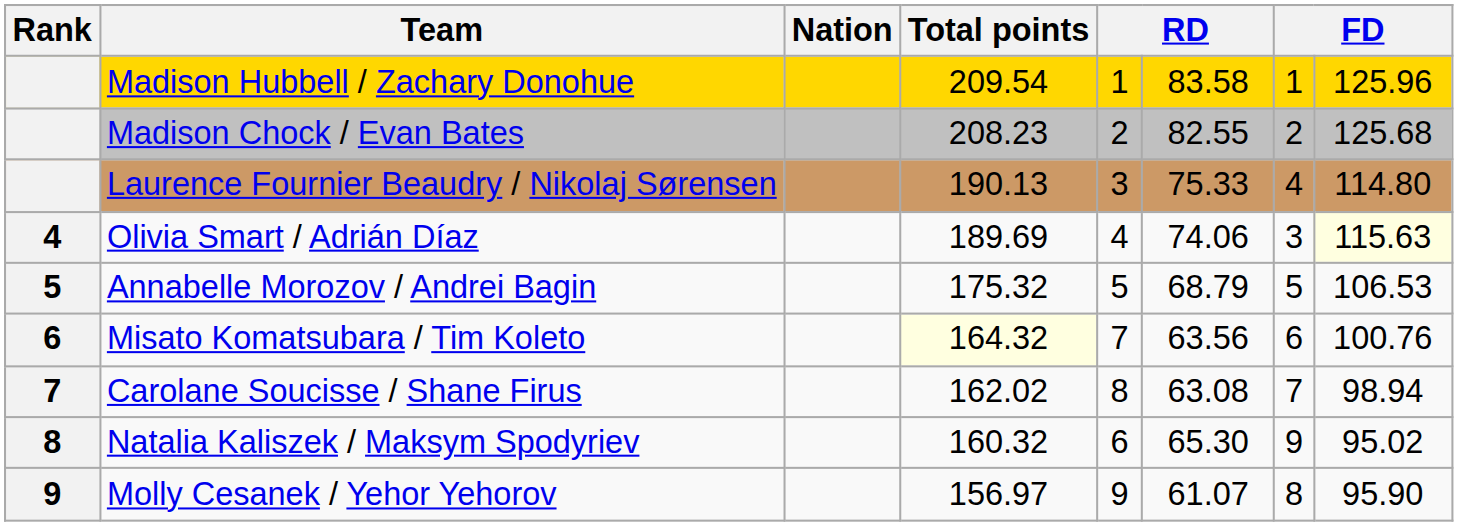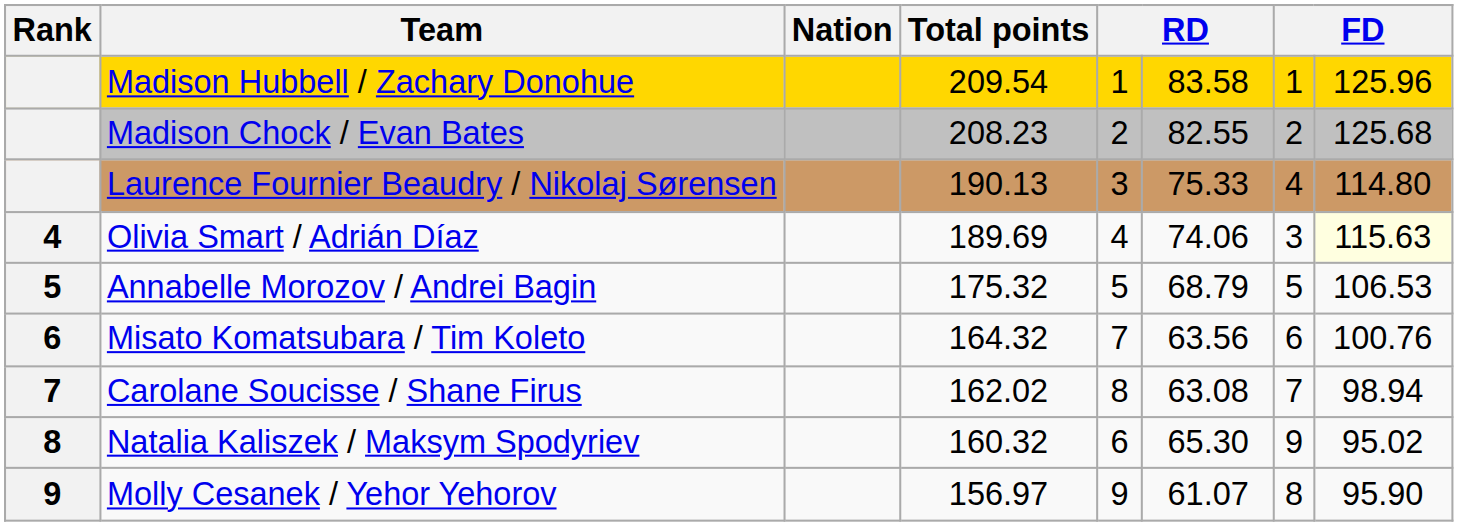 <table class="wikitable sortable" style="text-align:left;">
 <tr>
 <th scope="col">Rank</th>
 <th scope="col">Team</th>
 <th scope="col">Nation</th>
 <th scope="col">Total points</th>
 <th scope="col" colspan="2" width="80px"><a href='#'>RD</a></th>
 <th scope="col" colspan="2" width="80px"><a href='#'>FD</a></th>
 </tr>
 <tr bgcolor="gold">
 <th scope="row"></th>
 <td><a href='#'>Madison Hubbell</a> / <a href='#'>Zachary Donohue</a></td>
 <td></td>
 <td align="center">209.54</td>
 <td align="center">1</td>
 <td align="center">83.58</td>
 <td align="center">1</td>
 <td align="center">125.96</td>
 </tr>
 <tr bgcolor="silver">
 <th scope="row"></th>
 <td><a href='#'>Madison Chock</a> / <a href='#'>Evan Bates</a></td>
 <td></td>
 <td align="center">208.23</td>
 <td align="center">2</td>
 <td align="center">82.55</td>
 <td align="center">2</td>
 <td align="center">125.68</td>
 </tr>
 <tr bgcolor="cc9966">
 <th scope="row"></th>
 <td><a href='#'>Laurence Fournier Beaudry</a> / <a href='#'>Nikolaj Sørensen</a></td>
 <td></td>
 <td align="center">190.13</td>
 <td align="center">3</td>
 <td align="center">75.33</td>
 <td align="center">4</td>
 <td align="center">114.80</td>
 </tr>
 <tr>
 <th scope="row">4</th>
 <td><a href='#'>Olivia Smart</a> / <a href='#'>Adrián Díaz</a></td>
 <td></td>
 <td align="center">189.69</td>
 <td align="center">4</td>
 <td align="center">74.06</td>
 <td align="center">3</td>
 <td align="center" style="background: lightyellow;">115.63</td>
 </tr>
 <tr>
 <th scope="row">5</th>
 <td><a href='#'>Annabelle Morozov</a> / <a href='#'>Andrei Bagin</a></td>
 <td></td>
 <td align="center">175.32</td>
 <td align="center">5</td>
 <td align="center">68.79</td>
 <td align="center">5</td>
 <td align="center">106.53</td>
 </tr>
 <tr>
 <th scope="row">6</th>
 <td><a href='#'>Misato Komatsubara</a> / <a href='#'>Tim Koleto</a></td>
 <td></td>
-<td align="center" style="background: lightyellow;">164.32</td>
+<td align="center">164.32</td>
 <td align="center">7</td>
 <td align="center">63.56</td>
 <td align="center">6</td>
 <td align="center">100.76</td>
 </tr>
 <tr>
 <th scope="row">7</th>
 <td><a href='#'>Carolane Soucisse</a> / <a href='#'>Shane Firus</a></td>
 <td></td>
 <td align="center">162.02</td>
 <td align="center">8</td>
 <td align="center">63.08</td>
 <td align="center">7</td>
 <td align="center">98.94</td>
 </tr>
 <tr>
 <th scope="row">8</th>
 <td><a href='#'>Natalia Kaliszek</a> / <a href='#'>Maksym Spodyriev</a></td>
 <td></td>
 <td align="center">160.32</td>
 <td align="center">6</td>
 <td align="center">65.30</td>
 <td align="center">9</td>
 <td align="center">95.02</td>
 </tr>
 <tr>
 <th scope="row">9</th>
 <td><a href='#'>Molly Cesanek</a> / <a href='#'>Yehor Yehorov</a></td>
 <td></td>
 <td align="center">156.97</td>
 <td align="center">9</td>
 <td align="center">61.07</td>
 <td align="center">8</td>
 <td align="center">95.90</td>
 </tr>
 </table>
